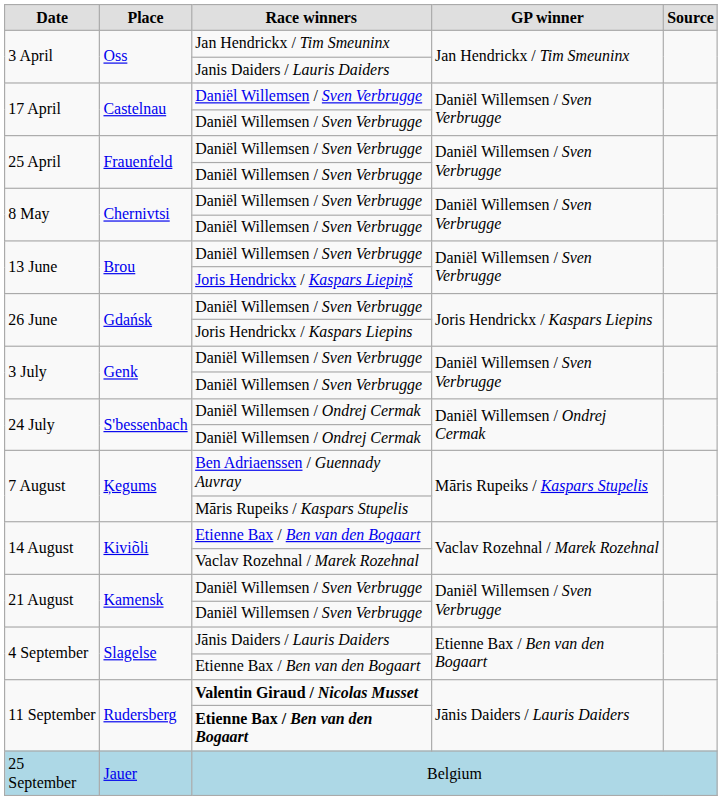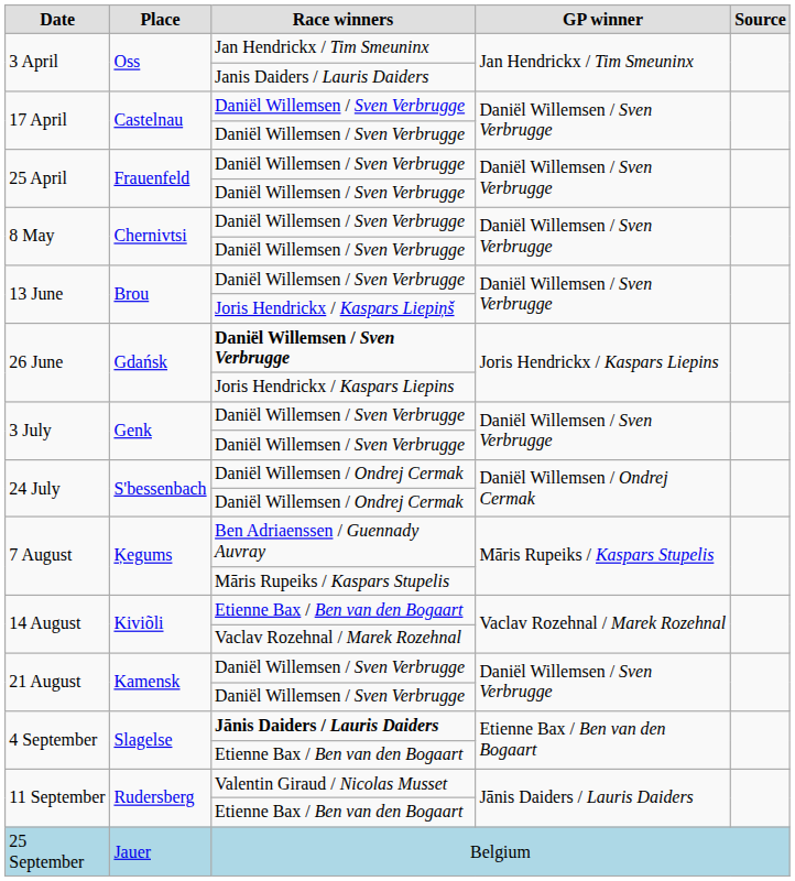 <table class="wikitable" style="font-size: 85%;">
 <tr align="center" style="background:#dfdfdf;">
 <td><strong>Date</strong></td>
 <td><strong>Place</strong></td>
 <td><strong>Race winners</strong></td>
 <td><strong>GP winner</strong></td>
 <td><strong>Source</strong></td>
 </tr>
 <tr>
 <td rowspan=2>3 April</td>
 <td rowspan=2> <a href='#'>Oss</a></td>
 <td> Jan Hendrickx / <em>Tim Smeuninx</em></td>
 <td rowspan=2> Jan Hendrickx / <em>Tim Smeuninx</em></td>
 <td rowspan=2></td>
 </tr>
 <tr>
 <td> Janis Daiders / <em>Lauris Daiders</em></td>
 </tr>
 <tr>
 <td rowspan=2>17 April</td>
 <td rowspan=2> <a href='#'>Castelnau</a></td>
 <td> <a href='#'>Daniël Willemsen</a> / <em><a href='#'>Sven Verbrugge</a></em></td>
 <td rowspan=2> Daniël Willemsen / <em>Sven Verbrugge</em></td>
 <td rowspan=2></td>
 </tr>
 <tr>
 <td> Daniël Willemsen / <em>Sven Verbrugge</em></td>
 </tr>
 <tr>
 <td rowspan=2>25 April</td>
 <td rowspan=2> <a href='#'>Frauenfeld</a></td>
 <td> Daniël Willemsen / <em>Sven Verbrugge</em></td>
 <td rowspan=2> Daniël Willemsen / <em>Sven Verbrugge</em></td>
 <td rowspan=2></td>
 </tr>
 <tr>
 <td> Daniël Willemsen / <em>Sven Verbrugge</em></td>
 </tr>
 <tr>
 <td rowspan=2>8 May</td>
 <td rowspan=2> <a href='#'>Chernivtsi</a></td>
 <td> Daniël Willemsen / <em>Sven Verbrugge</em></td>
 <td rowspan=2> Daniël Willemsen / <em>Sven Verbrugge</em></td>
 <td rowspan=2></td>
 </tr>
 <tr>
 <td> Daniël Willemsen / <em>Sven Verbrugge</em></td>
 </tr>
 <tr>
 <td rowspan=2>13 June</td>
 <td rowspan=2> <a href='#'>Brou</a></td>
 <td> Daniël Willemsen / <em>Sven Verbrugge</em></td>
 <td rowspan=2> Daniël Willemsen / <em>Sven Verbrugge</em></td>
 <td rowspan=2></td>
 </tr>
 <tr>
 <td> <a href='#'>Joris Hendrickx</a> / <em><a href='#'>Kaspars Liepiņš</a></em></td>
 </tr>
 <tr>
 <td rowspan=2>26 June</td>
 <td rowspan=2> <a href='#'>Gdańsk</a></td>
-<td> Daniël Willemsen / <em>Sven Verbrugge</em></td>
+<td><strong> Daniël Willemsen / <em>Sven Verbrugge</em></strong></td>
 <td rowspan=2> Joris Hendrickx / <em>Kaspars Liepins</em></td>
 <td rowspan=2></td>
 </tr>
 <tr>
 <td> Joris Hendrickx / <em>Kaspars Liepins</em></td>
 </tr>
 <tr>
 <td rowspan=2>3 July</td>
 <td rowspan=2> <a href='#'>Genk</a></td>
 <td> Daniël Willemsen / <em>Sven Verbrugge</em></td>
 <td rowspan=2> Daniël Willemsen / <em>Sven Verbrugge</em></td>
 <td rowspan=2></td>
 </tr>
 <tr>
 <td> Daniël Willemsen / <em>Sven Verbrugge</em></td>
 </tr>
 <tr>
 <td rowspan=2>24 July</td>
 <td rowspan=2> <a href='#'>S'bessenbach</a></td>
 <td> Daniël Willemsen / <em>Ondrej Cermak</em></td>
 <td rowspan=2> Daniël Willemsen / <em>Ondrej Cermak</em></td>
 <td rowspan=2></td>
 </tr>
 <tr>
 <td> Daniël Willemsen / <em>Ondrej Cermak</em></td>
 </tr>
 <tr>
 <td rowspan=2>7 August</td>
 <td rowspan=2> <a href='#'>Ķegums</a></td>
 <td> <a href='#'>Ben Adriaenssen</a> / <em>Guennady Auvray</em></td>
 <td rowspan=2> Māris Rupeiks / <em><a href='#'>Kaspars Stupelis</a></em></td>
 <td rowspan=2></td>
 </tr>
 <tr>
 <td> Māris Rupeiks / <em>Kaspars Stupelis</em></td>
 </tr>
 <tr>
 <td rowspan=2>14 August</td>
 <td rowspan=2> <a href='#'>Kiviõli</a></td>
 <td> <a href='#'>Etienne Bax</a> / <em><a href='#'>Ben van den Bogaart</a></em></td>
 <td rowspan=2> Vaclav Rozehnal / <em>Marek Rozehnal</em></td>
 <td rowspan=2></td>
 </tr>
 <tr>
 <td> Vaclav Rozehnal / <em>Marek Rozehnal</em></td>
 </tr>
 <tr>
 <td rowspan=2>21 August</td>
 <td rowspan=2> <a href='#'>Kamensk</a></td>
 <td> Daniël Willemsen / <em>Sven Verbrugge</em></td>
 <td rowspan=2> Daniël Willemsen / <em>Sven Verbrugge</em></td>
 <td rowspan=2></td>
 </tr>
 <tr>
 <td> Daniël Willemsen / <em>Sven Verbrugge</em></td>
 </tr>
 <tr>
 <td rowspan=2>4 September</td>
 <td rowspan=2> <a href='#'>Slagelse</a></td>
-<td> Jānis Daiders / <em>Lauris Daiders</em></td>
+<td><strong> Jānis Daiders / <em>Lauris Daiders</em></strong></td>
 <td rowspan=2> Etienne Bax / <em>Ben van den Bogaart</em></td>
 <td rowspan=2></td>
 </tr>
 <tr>
 <td> Etienne Bax / <em>Ben van den Bogaart</em></td>
 </tr>
 <tr>
 <td rowspan=2>11 September</td>
 <td rowspan=2> <a href='#'>Rudersberg</a></td>
-<td><strong> Valentin Giraud / <em>Nicolas Musset</em></strong></td>
+<td> Valentin Giraud / <em>Nicolas Musset</em></td>
 <td rowspan=2> Jānis Daiders / <em>Lauris Daiders</em></td>
 <td rowspan=2></td>
 </tr>
 <tr>
-<td><strong> Etienne Bax / <em>Ben van den Bogaart</em></strong></td>
+<td> Etienne Bax / <em>Ben van den Bogaart</em></td>
 </tr>
 <tr style="background:lightblue;">
 <td rowspan=2>25 September</td>
 <td rowspan=2> <a href='#'>Jauer</a></td>
 <td colspan=3 align="center"> Belgium</td>
 </tr>
 </table>
